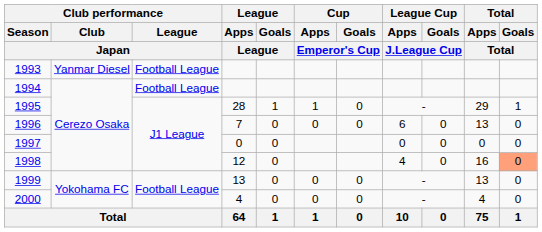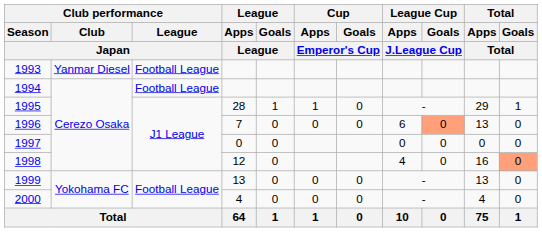 <table class="wikitable" style="text-align:center;">
 <tr>
 <th colspan=3>Club performance</th>
 <th colspan=2>League</th>
 <th colspan=2>Cup</th>
 <th colspan=2>League Cup</th>
 <th colspan=2>Total</th>
 </tr>
 <tr>
 <th>Season</th>
 <th>Club</th>
 <th>League</th>
 <th>Apps</th>
 <th>Goals</th>
 <th>Apps</th>
 <th>Goals</th>
 <th>Apps</th>
 <th>Goals</th>
 <th>Apps</th>
 <th>Goals</th>
 </tr>
 <tr>
 <th colspan=3>Japan</th>
 <th colspan=2>League</th>
 <th colspan=2><a href='#'>Emperor's Cup</a></th>
 <th colspan=2><a href='#'>J.League Cup</a></th>
 <th colspan=2>Total</th>
 </tr>
 <tr>
 <td><a href='#'>1993</a></td>
 <td><a href='#'>Yanmar Diesel</a></td>
 <td><a href='#'>Football League</a></td>
 <td></td>
 <td></td>
 <td></td>
 <td></td>
 <td></td>
 <td></td>
 <td></td>
 <td></td>
 </tr>
 <tr>
 <td><a href='#'>1994</a></td>
 <td rowspan="5"><a href='#'>Cerezo Osaka</a></td>
 <td><a href='#'>Football League</a></td>
 <td></td>
 <td></td>
 <td></td>
 <td></td>
 <td></td>
 <td></td>
 <td></td>
 <td></td>
 </tr>
 <tr>
 <td><a href='#'>1995</a></td>
 <td rowspan="4"><a href='#'>J1 League</a></td>
 <td>28</td>
 <td>1</td>
 <td>1</td>
 <td>0</td>
 <td colspan="2">-</td>
 <td>29</td>
 <td>1</td>
 </tr>
 <tr>
 <td><a href='#'>1996</a></td>
 <td>7</td>
 <td>0</td>
 <td>0</td>
 <td>0</td>
 <td>6</td>
-<td>0</td>
+<td style="background: lightsalmon;">0</td>
 <td>13</td>
 <td>0</td>
 </tr>
 <tr>
 <td><a href='#'>1997</a></td>
 <td>0</td>
 <td>0</td>
 <td></td>
 <td></td>
 <td>0</td>
 <td>0</td>
 <td>0</td>
 <td>0</td>
 </tr>
 <tr>
 <td><a href='#'>1998</a></td>
 <td>12</td>
 <td>0</td>
 <td></td>
 <td></td>
 <td>4</td>
 <td>0</td>
 <td>16</td>
 <td style="background: lightsalmon;">0</td>
 </tr>
 <tr>
 <td><a href='#'>1999</a></td>
 <td rowspan="2"><a href='#'>Yokohama FC</a></td>
 <td rowspan="2"><a href='#'>Football League</a></td>
 <td>13</td>
 <td>0</td>
 <td>0</td>
 <td>0</td>
 <td colspan="2">-</td>
 <td>13</td>
 <td>0</td>
 </tr>
 <tr>
 <td><a href='#'>2000</a></td>
 <td>4</td>
 <td>0</td>
 <td>0</td>
 <td>0</td>
 <td colspan="2">-</td>
 <td>4</td>
 <td>0</td>
 </tr>
 <tr>
 <th colspan=3>Total</th>
 <th>64</th>
 <th>1</th>
 <th>1</th>
 <th>0</th>
 <th>10</th>
 <th>0</th>
 <th>75</th>
 <th>1</th>
 </tr>
 </table>
